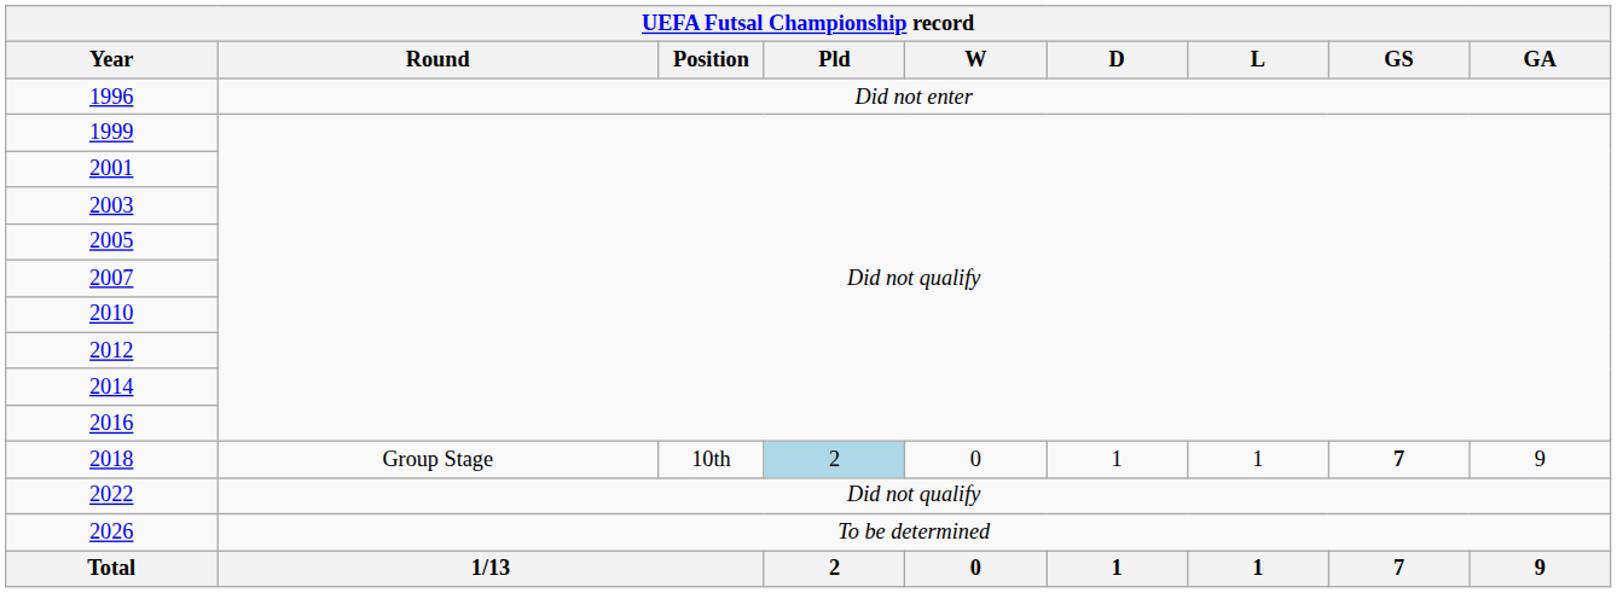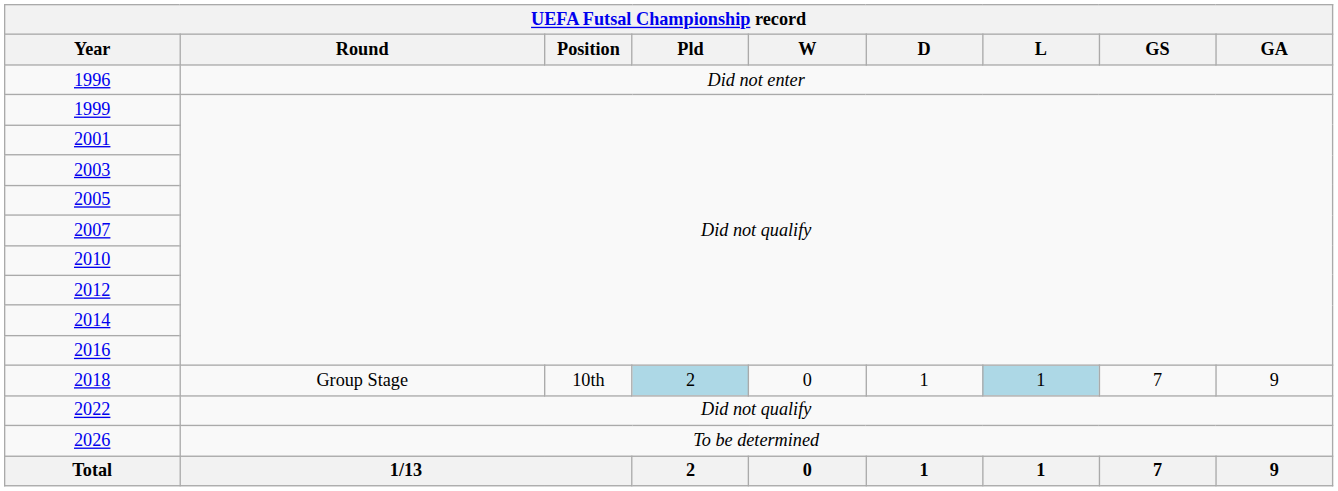 <table class="wikitable" width=50% style="text-align: center;font-size:85%;">
 <tr>
 <th colspan=9><a href='#'>UEFA Futsal Championship</a> record</th>
 </tr>
 <tr>
 <th width=12%>Year</th>
 <th width=25%>Round</th>
 <th width=6%>Position</th>
 <th width=8%>Pld</th>
 <th width=8%>W</th>
 <th width=8%>D</th>
 <th width=8%>L</th>
 <th width=8%>GS</th>
 <th width=8%>GA</th>
 </tr>
 <tr>
 <td> <a href='#'>1996</a></td>
 <td colspan=8><em>Did not enter</em></td>
 </tr>
 <tr>
 <td> <a href='#'>1999</a></td>
 <td rowspan=9 colspan=8><em>Did not qualify</em></td>
 </tr>
 <tr>
 <td> <a href='#'>2001</a></td>
 </tr>
 <tr>
 <td> <a href='#'>2003</a></td>
 </tr>
 <tr>
 <td> <a href='#'>2005</a></td>
 </tr>
 <tr>
 <td> <a href='#'>2007</a></td>
 </tr>
 <tr>
 <td> <a href='#'>2010</a></td>
 </tr>
 <tr>
 <td> <a href='#'>2012</a></td>
 </tr>
 <tr>
 <td> <a href='#'>2014</a></td>
 </tr>
 <tr>
 <td> <a href='#'>2016</a></td>
 </tr>
 <tr>
 <td> <a href='#'>2018</a></td>
 <td>Group Stage</td>
 <td>10th</td>
 <td style="background: lightblue;">2</td>
 <td>0</td>
 <td>1</td>
-<td>1</td>
-<td><strong>7</strong></td>
+<td style="background: lightblue;">1</td>
+<td>7</td>
 <td>9</td>
 </tr>
 <tr>
 <td> <a href='#'>2022</a></td>
 <td colspan=8><em>Did not qualify</em></td>
 </tr>
 <tr>
 <td> <a href='#'>2026</a></td>
 <td colspan=8><em>To be determined</em></td>
 </tr>
 <tr>
 <th><strong>Total</strong></th>
 <th colspan=2>1/13</th>
 <th>2</th>
 <th>0</th>
 <th>1</th>
 <th>1</th>
 <th>7</th>
 <th>9</th>
 </tr>
 </table>
